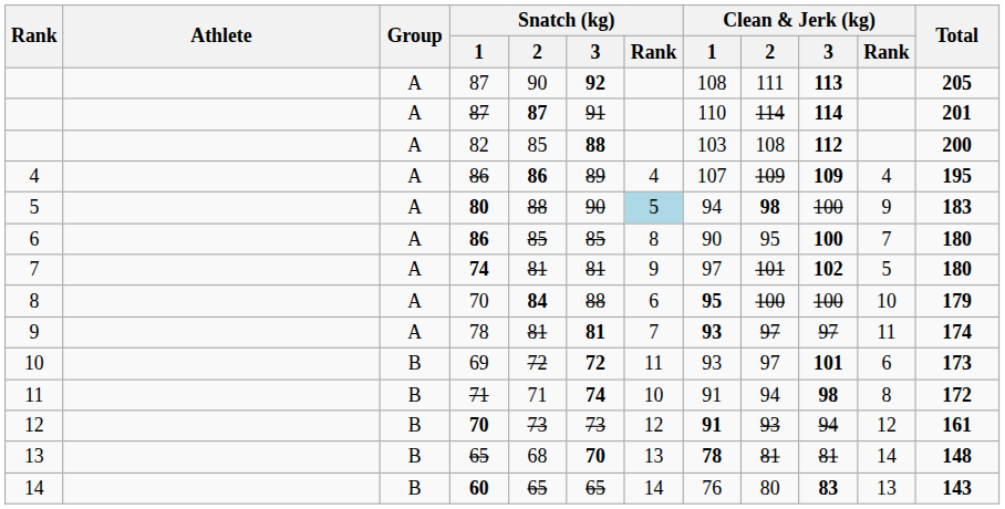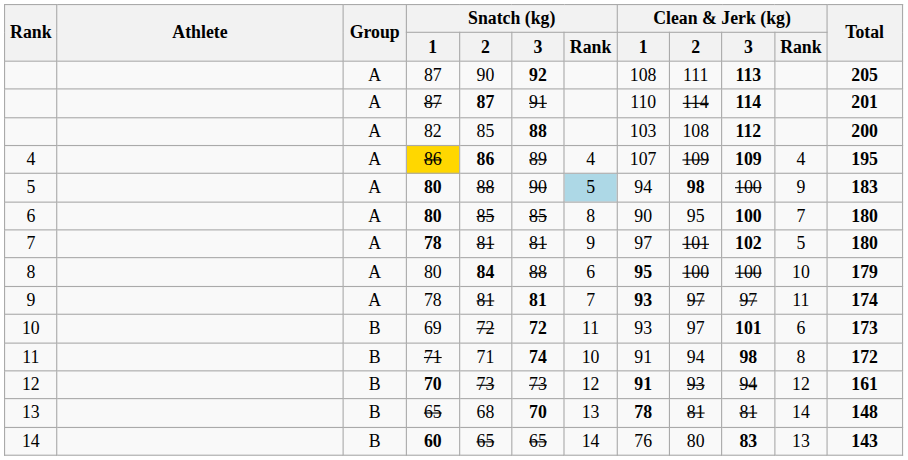 <table class = "wikitable" style="text-align:center;">
 <tr>
 <th rowspan=2 width=40>Rank</th>
 <th rowspan=2 width=250>Athlete</th>
 <th rowspan=2 width=50>Group</th>
 <th colspan=4>Snatch (kg)</th>
 <th colspan=4>Clean & Jerk (kg)</th>
 <th rowspan=2 width=60>Total</th>
 </tr>
 <tr>
 <th width=40>1</th>
 <th width=40>2</th>
 <th width=40>3</th>
 <th width=40>Rank</th>
 <th width=40>1</th>
 <th width=40>2</th>
 <th width=40>3</th>
 <th width=40>Rank</th>
 </tr>
 <tr>
 <td></td>
 <td align=left></td>
 <td>A</td>
 <td>87</td>
 <td>90</td>
 <td><strong>92</strong></td>
 <td></td>
 <td>108</td>
 <td>111</td>
 <td><strong>113</strong></td>
 <td></td>
 <td><strong>205</strong></td>
 </tr>
 <tr>
 <td></td>
 <td align=left></td>
 <td>A</td>
 <td><s>87</s></td>
 <td><strong>87</strong></td>
 <td><s>91</s></td>
 <td></td>
 <td>110</td>
 <td><s>114</s></td>
 <td><strong>114</strong></td>
 <td></td>
 <td><strong>201</strong></td>
 </tr>
 <tr>
 <td></td>
 <td align=left></td>
 <td>A</td>
 <td>82</td>
 <td>85</td>
 <td><strong>88</strong></td>
 <td></td>
 <td>103</td>
 <td>108</td>
 <td><strong>112</strong></td>
 <td></td>
 <td><strong>200</strong></td>
 </tr>
 <tr>
 <td>4</td>
 <td align=left></td>
 <td>A</td>
-<td><s>86</s></td>
+<td style="background: gold;"><s>86</s></td>
 <td><strong>86</strong></td>
 <td><s>89</s></td>
 <td>4</td>
 <td>107</td>
 <td><s>109</s></td>
 <td><strong>109</strong></td>
 <td>4</td>
 <td><strong>195</strong></td>
 </tr>
 <tr>
 <td>5</td>
 <td align=left></td>
 <td>A</td>
 <td><strong>80</strong></td>
 <td><s>88</s></td>
 <td><s>90</s></td>
 <td style="background: lightblue;">5</td>
 <td>94</td>
 <td><strong>98</strong></td>
 <td><s>100</s></td>
 <td>9</td>
 <td><strong>183</strong></td>
 </tr>
 <tr>
 <td>6</td>
 <td align=left></td>
 <td>A</td>
-<td><strong>86</strong></td>
+<td><strong>80</strong></td>
 <td><s>85</s></td>
 <td><s>85</s></td>
 <td>8</td>
 <td>90</td>
 <td>95</td>
 <td><strong>100</strong></td>
 <td>7</td>
 <td><strong>180</strong></td>
 </tr>
 <tr>
 <td>7</td>
 <td align=left></td>
 <td>A</td>
-<td><strong>74</strong></td>
+<td><strong>78</strong></td>
 <td><s>81</s></td>
 <td><s>81</s></td>
 <td>9</td>
 <td>97</td>
 <td><s>101</s></td>
 <td><strong>102</strong></td>
 <td>5</td>
 <td><strong>180</strong></td>
 </tr>
 <tr>
 <td>8</td>
 <td align=left></td>
 <td>A</td>
-<td>70</td>
+<td>80</td>
 <td><strong>84</strong></td>
 <td><s>88</s></td>
 <td>6</td>
 <td><strong>95</strong></td>
 <td><s>100</s></td>
 <td><s>100</s></td>
 <td>10</td>
 <td><strong>179</strong></td>
 </tr>
 <tr>
 <td>9</td>
 <td align=left></td>
 <td>A</td>
 <td>78</td>
 <td><s>81</s></td>
 <td><strong>81</strong></td>
 <td>7</td>
 <td><strong>93</strong></td>
 <td><s>97</s></td>
 <td><s>97</s></td>
 <td>11</td>
 <td><strong>174</strong></td>
 </tr>
 <tr>
 <td>10</td>
 <td align=left></td>
 <td>B</td>
 <td>69</td>
 <td><s>72</s></td>
 <td><strong>72</strong></td>
 <td>11</td>
 <td>93</td>
 <td>97</td>
 <td><strong>101</strong></td>
 <td>6</td>
 <td><strong>173</strong></td>
 </tr>
 <tr>
 <td>11</td>
 <td align=left></td>
 <td>B</td>
 <td><s>71</s></td>
 <td>71</td>
 <td><strong>74</strong></td>
 <td>10</td>
 <td>91</td>
 <td>94</td>
 <td><strong>98</strong></td>
 <td>8</td>
 <td><strong>172</strong></td>
 </tr>
 <tr>
 <td>12</td>
 <td align=left></td>
 <td>B</td>
 <td><strong>70</strong></td>
 <td><s>73</s></td>
 <td><s>73</s></td>
 <td>12</td>
 <td><strong>91</strong></td>
 <td><s>93</s></td>
 <td><s>94</s></td>
 <td>12</td>
 <td><strong>161</strong></td>
 </tr>
 <tr>
 <td>13</td>
 <td align=left></td>
 <td>B</td>
 <td><s>65</s></td>
 <td>68</td>
 <td><strong>70</strong></td>
 <td>13</td>
 <td><strong>78</strong></td>
 <td><s>81</s></td>
 <td><s>81</s></td>
 <td>14</td>
 <td><strong>148</strong></td>
 </tr>
 <tr>
 <td>14</td>
 <td align=left></td>
 <td>B</td>
 <td><strong>60</strong></td>
 <td><s>65</s></td>
 <td><s>65</s></td>
 <td>14</td>
 <td>76</td>
 <td>80</td>
 <td><strong>83</strong></td>
 <td>13</td>
 <td><strong>143</strong></td>
 </tr>
 </table>
